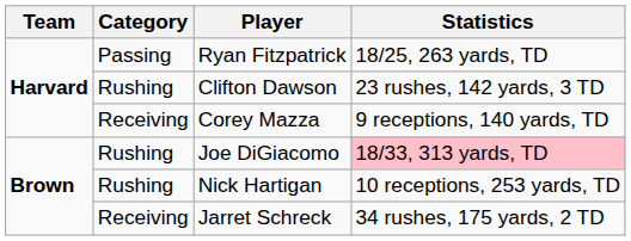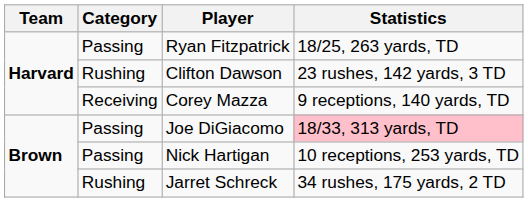 <table class="wikitable" style="float: left;">
 <tr>
 <th>Team</th>
 <th>Category</th>
 <th>Player</th>
 <th>Statistics</th>
 </tr>
 <tr>
 <td rowspan=3><strong>Harvard</strong></td>
 <td>Passing</td>
 <td>Ryan Fitzpatrick</td>
 <td>18/25, 263 yards, TD</td>
 </tr>
 <tr>
 <td>Rushing</td>
 <td>Clifton Dawson</td>
 <td>23 rushes, 142 yards, 3 TD</td>
 </tr>
 <tr>
 <td>Receiving</td>
 <td>Corey Mazza</td>
 <td>9 receptions, 140 yards, TD</td>
 </tr>
 <tr>
 <td rowspan=3><strong>Brown</strong></td>
-<td>Rushing</td>
+<td>Passing</td>
 <td>Joe DiGiacomo</td>
 <td style="background: pink;">18/33, 313 yards, TD</td>
 </tr>
 <tr>
-<td>Rushing</td>
+<td>Passing</td>
 <td>Nick Hartigan</td>
 <td>10 receptions, 253 yards, TD</td>
 </tr>
 <tr>
-<td>Receiving</td>
+<td>Rushing</td>
 <td>Jarret Schreck</td>
 <td>34 rushes, 175 yards, 2 TD</td>
 </tr>
 </table>
